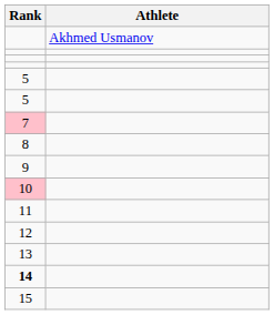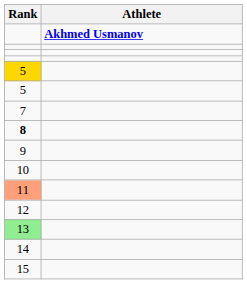 <table class="wikitable" style="text-align: center;">
 <tr>
 <th width=40>Rank</th>
 <th width=250>Athlete</th>
 </tr>
 <tr>
 <td></td>
-<td align="left"> <a href='#'>Akhmed Usmanov</a> </td>
+<td align="left"><strong> <a href='#'>Akhmed Usmanov</a> </strong></td>
 </tr>
 <tr>
 <td></td>
 <td align="left"></td>
 </tr>
 <tr>
 <td></td>
 <td align="left"></td>
 </tr>
 <tr>
 <td></td>
 <td align="left"></td>
 </tr>
 <tr>
-<td>5</td>
+<td style="background: gold;">5</td>
 <td align="left"></td>
 </tr>
 <tr>
 <td>5</td>
 <td align="left"></td>
 </tr>
 <tr>
-<td style="background: pink;">7</td>
+<td>7</td>
 <td align="left"></td>
 </tr>
 <tr>
-<td>8</td>
+<td><strong>8</strong></td>
 <td align="left"></td>
 </tr>
 <tr>
 <td>9</td>
 <td align="left"></td>
 </tr>
 <tr>
-<td style="background: pink;">10</td>
+<td>10</td>
 <td align="left"></td>
 </tr>
 <tr>
-<td>11</td>
+<td style="background: lightsalmon;">11</td>
 <td align="left"></td>
 </tr>
 <tr>
 <td>12</td>
 <td align="left"></td>
 </tr>
 <tr>
-<td>13</td>
+<td style="background: lightgreen;">13</td>
 <td align="left"></td>
 </tr>
 <tr>
-<td><strong>14</strong></td>
+<td>14</td>
 <td align="left"></td>
 </tr>
 <tr>
 <td>15</td>
 <td align="left"></td>
 </tr>
 </table>
